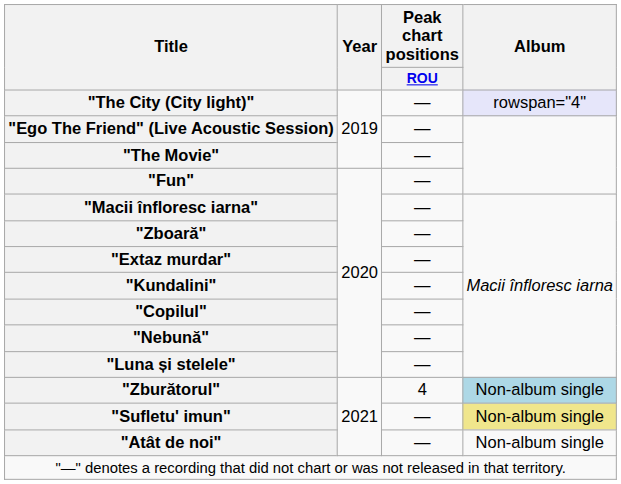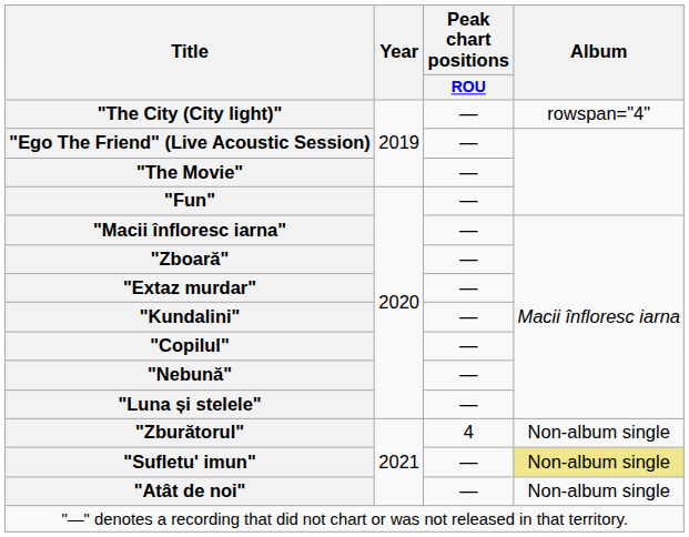 <table class="wikitable plainrowheaders" style="text-align:center;">
 <tr>
 <th scope="col" rowspan="2">Title</th>
 <th scope="col" rowspan="2">Year</th>
 <th scope="col" colspan="1">Peak chart positions</th>
 <th scope="col" rowspan="2">Album</th>
 </tr>
 <tr>
 <th scope="col" style="width:3em;font-size:85%;"><a href='#'>ROU</a><br></th>
 </tr>
 <tr>
 <th scope="row">"The City (City light)"</th>
 <td rowspan="3">2019</td>
 <td>—</td>
-<td style="background: lavender;">rowspan="4" </td>
+<td>rowspan="4" </td>
 </tr>
 <tr>
 <th scope="row">"Ego The Friend" (Live Acoustic Session)</th>
 <td>—</td>
 </tr>
 <tr>
 <th scope="row">"The Movie"</th>
 <td>—</td>
 </tr>
 <tr>
 <th scope="row">"Fun"</th>
 <td rowspan="8">2020</td>
 <td>—</td>
 </tr>
 <tr>
 <th scope="row">"Macii înfloresc iarna"</th>
 <td>—</td>
 <td rowspan="7"><em>Macii înfloresc iarna</em></td>
 </tr>
 <tr>
 <th scope="row">"Zboară"</th>
 <td>—</td>
 </tr>
 <tr>
 <th scope="row">"Extaz murdar"<br></th>
 <td>—</td>
 </tr>
 <tr>
 <th scope="row">"Kundalini"<br></th>
 <td>—</td>
 </tr>
 <tr>
 <th scope="row">"Copilul"</th>
 <td>—</td>
 </tr>
 <tr>
 <th scope="row">"Nebună"</th>
 <td>—</td>
 </tr>
 <tr>
 <th scope="row">"Luna și stelele"<br></th>
 <td>—</td>
 </tr>
 <tr>
 <th scope="row">"Zburătorul"</th>
 <td rowspan="3">2021</td>
 <td>4</td>
-<td style="background: lightblue;">Non-album single</td>
+<td>Non-album single</td>
 </tr>
 <tr>
 <th scope="row">"Sufletu' imun"</th>
 <td>—</td>
 <td style="background: khaki;">Non-album single</td>
 </tr>
 <tr>
 <th scope="row">"Atât de noi"</th>
 <td>—</td>
 <td>Non-album single</td>
 </tr>
 <tr>
 <td colspan="12" style="font-size:90%">"—" denotes a recording that did not chart or was not released in that territory.</td>
 </tr>
 </table>
